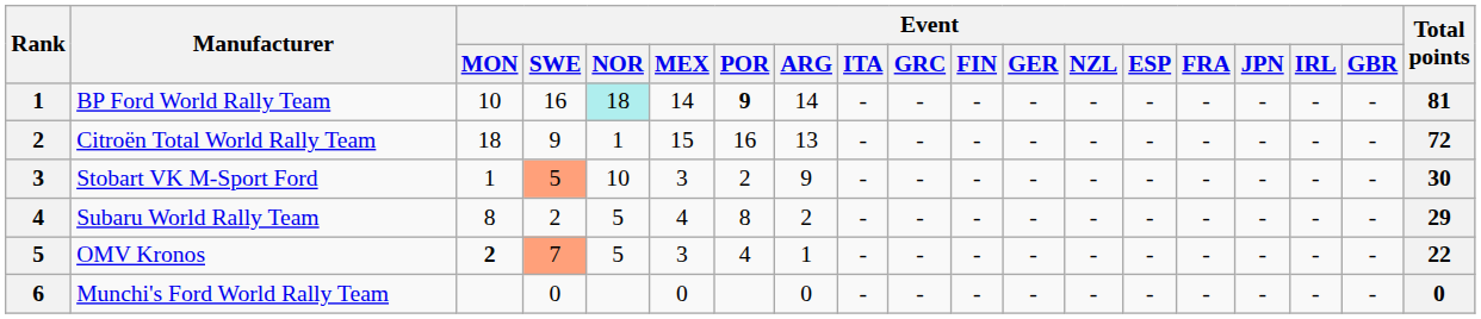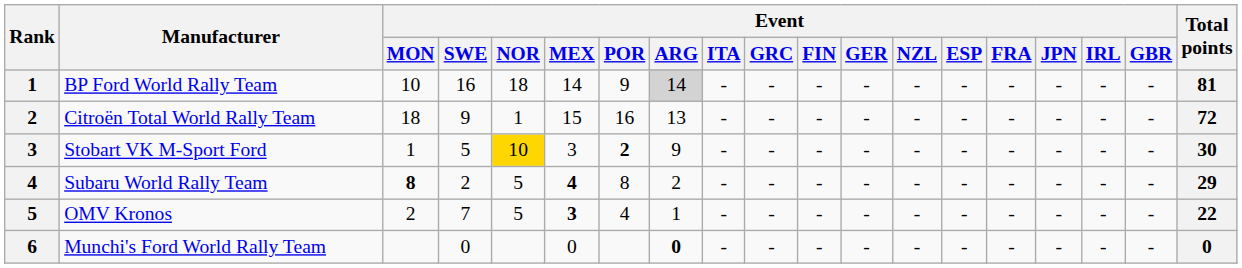 <table class="wikitable" style="text-align:center; font-size:90%;">
 <tr>
 <th rowspan=2>Rank</th>
 <th rowspan=2 style="width:16em">Manufacturer</th>
 <th colspan=16>Event</th>
 <th rowspan=2>Total<br>points</th>
 </tr>
 <tr valign="top">
 <th><a href='#'>MON</a><br></th>
 <th><a href='#'>SWE</a><br></th>
 <th><a href='#'>NOR</a><br></th>
 <th><a href='#'>MEX</a><br></th>
 <th><a href='#'>POR</a><br></th>
 <th><a href='#'>ARG</a><br></th>
 <th><a href='#'>ITA</a><br></th>
 <th><a href='#'>GRC</a><br></th>
 <th><a href='#'>FIN</a><br></th>
 <th><a href='#'>GER</a><br></th>
 <th><a href='#'>NZL</a><br></th>
 <th><a href='#'>ESP</a><br></th>
 <th><a href='#'>FRA</a><br></th>
 <th><a href='#'>JPN</a><br></th>
 <th><a href='#'>IRL</a><br></th>
 <th><a href='#'>GBR</a><br></th>
 </tr>
 <tr>
 <th>1</th>
 <td align=left><a href='#'>BP Ford World Rally Team</a></td>
 <td>10</td>
 <td>16</td>
-<td style="background: paleturquoise;">18</td>
+<td>18</td>
 <td>14</td>
-<td><strong>9</strong></td>
-<td>14</td>
+<td>9</td>
+<td style="background: lightgrey;">14</td>
 <td>-</td>
 <td>-</td>
 <td>-</td>
 <td>-</td>
 <td>-</td>
 <td>-</td>
 <td>-</td>
 <td>-</td>
 <td>-</td>
 <td>-</td>
 <th>81</th>
 </tr>
 <tr>
 <th>2</th>
 <td align=left><a href='#'>Citroën Total World Rally Team</a></td>
 <td>18</td>
 <td>9</td>
 <td>1</td>
 <td>15</td>
 <td>16</td>
 <td>13</td>
 <td>-</td>
 <td>-</td>
 <td>-</td>
 <td>-</td>
 <td>-</td>
 <td>-</td>
 <td>-</td>
 <td>-</td>
 <td>-</td>
 <td>-</td>
 <th>72</th>
 </tr>
 <tr>
 <th>3</th>
 <td align=left><a href='#'>Stobart VK M-Sport Ford</a></td>
 <td>1</td>
-<td style="background: lightsalmon;">5</td>
-<td>10</td>
+<td>5</td>
+<td style="background: gold;">10</td>
 <td>3</td>
-<td>2</td>
+<td><strong>2</strong></td>
 <td>9</td>
 <td>-</td>
 <td>-</td>
 <td>-</td>
 <td>-</td>
 <td>-</td>
 <td>-</td>
 <td>-</td>
 <td>-</td>
 <td>-</td>
 <td>-</td>
 <th>30</th>
 </tr>
 <tr>
 <th>4</th>
 <td align=left><a href='#'>Subaru World Rally Team</a></td>
-<td>8</td>
+<td><strong>8</strong></td>
 <td>2</td>
 <td>5</td>
-<td>4</td>
+<td><strong>4</strong></td>
 <td>8</td>
 <td>2</td>
 <td>-</td>
 <td>-</td>
 <td>-</td>
 <td>-</td>
 <td>-</td>
 <td>-</td>
 <td>-</td>
 <td>-</td>
 <td>-</td>
 <td>-</td>
 <th>29</th>
 </tr>
 <tr>
 <th>5</th>
 <td align=left><a href='#'>OMV Kronos</a></td>
-<td><strong>2</strong></td>
-<td style="background: lightsalmon;">7</td>
+<td>2</td>
+<td>7</td>
 <td>5</td>
-<td>3</td>
+<td><strong>3</strong></td>
 <td>4</td>
 <td>1</td>
 <td>-</td>
 <td>-</td>
 <td>-</td>
 <td>-</td>
 <td>-</td>
 <td>-</td>
 <td>-</td>
 <td>-</td>
 <td>-</td>
 <td>-</td>
 <th>22</th>
 </tr>
 <tr>
 <th>6</th>
 <td align="left"><a href='#'>Munchi's Ford World Rally Team</a></td>
 <td></td>
 <td>0</td>
 <td></td>
 <td>0</td>
 <td></td>
-<td>0</td>
+<td><strong>0</strong></td>
 <td>-</td>
 <td>-</td>
 <td>-</td>
 <td>-</td>
 <td>-</td>
 <td>-</td>
 <td>-</td>
 <td>-</td>
 <td>-</td>
 <td>-</td>
 <th>0</th>
 </tr>
 </table>
